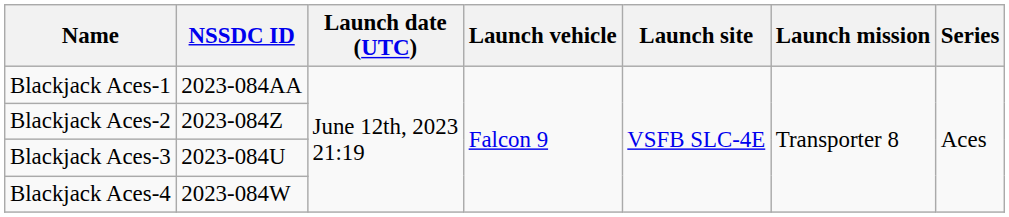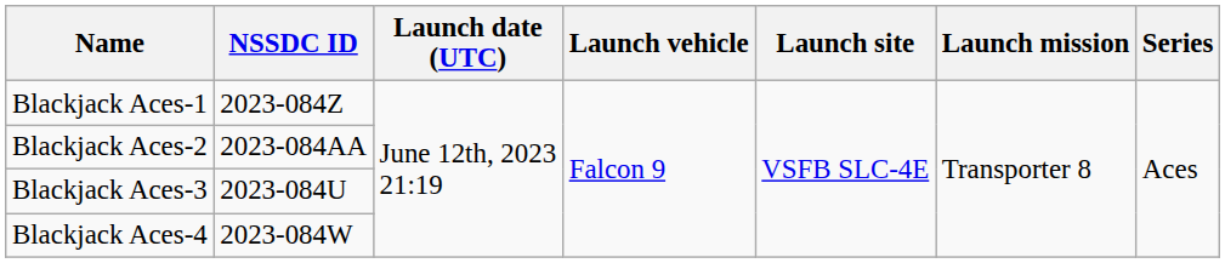 <table class="wikitable">
 <tr>
 <th>Name</th>
 <th><a href='#'>NSSDC ID</a></th>
 <th>Launch date<br>(<a href='#'>UTC</a>)</th>
 <th>Launch vehicle</th>
 <th>Launch site</th>
 <th>Launch mission</th>
 <th>Series</th>
 </tr>
 <tr>
 <td>Blackjack Aces-1</td>
-<td>2023-084AA</td>
+<td>2023-084Z</td>
 <td rowspan="4">June 12th, 2023<br>21:19</td>
 <td rowspan="4"><a href='#'>Falcon 9</a></td>
 <td rowspan="4"><a href='#'>VSFB SLC-4E</a></td>
 <td rowspan="4">Transporter 8</td>
 <td rowspan="4">Aces</td>
 </tr>
 <tr>
 <td>Blackjack Aces-2</td>
-<td>2023-084Z</td>
+<td>2023-084AA</td>
 </tr>
 <tr>
 <td>Blackjack Aces-3</td>
 <td>2023-084U</td>
 </tr>
 <tr>
 <td>Blackjack Aces-4</td>
 <td>2023-084W</td>
 </tr>
 </table>
